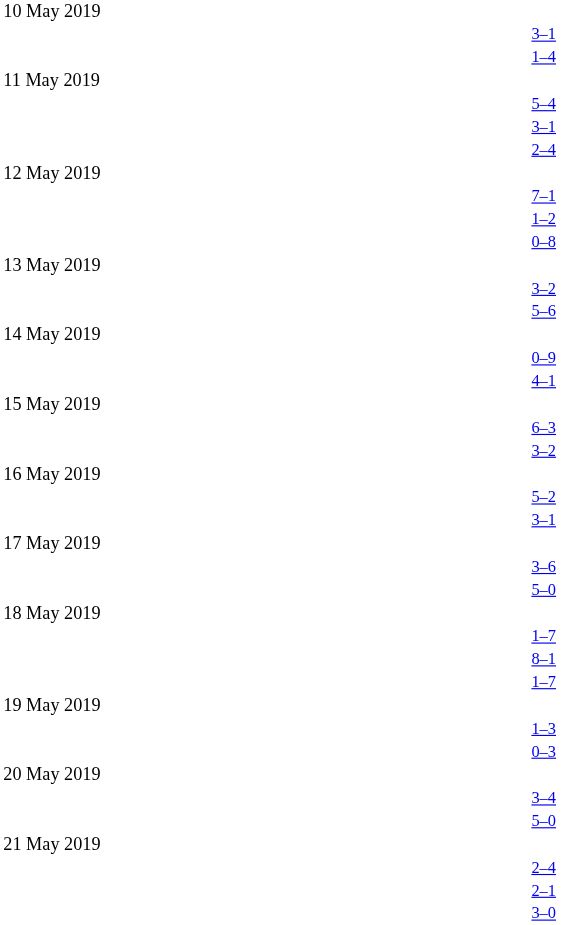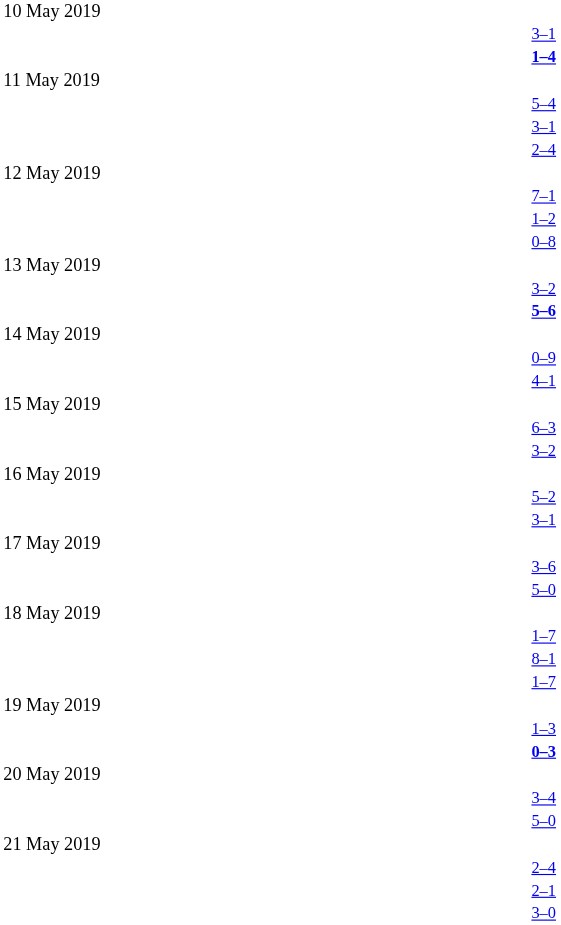 <table style="width:100%;" cellspacing="1">
 <tr>
 <th width=25%></th>
 <th width=2%></th>
 <th width=6%></th>
 <th width=2%></th>
 <th width=25%></th>
 </tr>
 <tr>
 <td>10 May 2019</td>
 </tr>
 <tr style=font-size:90%>
 <td align=right></td>
 <td></td>
 <td align=center><a href='#'>3–1</a></td>
 <td></td>
 <td></td>
 <td></td>
 </tr>
 <tr style=font-size:90%>
 <td align=right></td>
 <td></td>
-<td align=center><a href='#'>1–4</a></td>
+<td align=center><strong><a href='#'>1–4</a></strong></td>
 <td></td>
 <td></td>
 <td></td>
 </tr>
 <tr>
 <td>11 May 2019</td>
 </tr>
 <tr style=font-size:90%>
 <td align=right></td>
 <td></td>
 <td align=center><a href='#'>5–4<br></a></td>
 <td></td>
 <td></td>
 <td></td>
 </tr>
 <tr style=font-size:90%>
 <td align=right></td>
 <td></td>
 <td align=center><a href='#'>3–1</a></td>
 <td></td>
 <td></td>
 <td></td>
 </tr>
 <tr style=font-size:90%>
 <td align=right></td>
 <td></td>
 <td align=center><a href='#'>2–4</a></td>
 <td></td>
 <td></td>
 <td></td>
 </tr>
 <tr>
 <td>12 May 2019</td>
 </tr>
 <tr style=font-size:90%>
 <td align=right></td>
 <td></td>
 <td align=center><a href='#'>7–1</a></td>
 <td></td>
 <td></td>
 <td></td>
 </tr>
 <tr style=font-size:90%>
 <td align=right></td>
 <td></td>
 <td align=center><a href='#'>1–2</a></td>
 <td></td>
 <td></td>
 <td></td>
 </tr>
 <tr style=font-size:90%>
 <td align=right></td>
 <td></td>
 <td align=center><a href='#'>0–8</a></td>
 <td></td>
 <td></td>
 <td></td>
 </tr>
 <tr>
 <td>13 May 2019</td>
 </tr>
 <tr style=font-size:90%>
 <td align=right></td>
 <td></td>
 <td align=center><a href='#'>3–2<br></a></td>
 <td></td>
 <td></td>
 <td></td>
 </tr>
 <tr style=font-size:90%>
 <td align=right></td>
 <td></td>
-<td align=center><a href='#'>5–6</a></td>
+<td align=center><strong><a href='#'>5–6</a></strong></td>
 <td></td>
 <td></td>
 <td></td>
 </tr>
 <tr>
 <td>14 May 2019</td>
 </tr>
 <tr style=font-size:90%>
 <td align=right></td>
 <td></td>
 <td align=center><a href='#'>0–9</a></td>
 <td></td>
 <td></td>
 <td></td>
 </tr>
 <tr style=font-size:90%>
 <td align=right></td>
 <td></td>
 <td align=center><a href='#'>4–1</a></td>
 <td></td>
 <td></td>
 <td></td>
 </tr>
 <tr>
 <td>15 May 2019</td>
 </tr>
 <tr style=font-size:90%>
 <td align=right></td>
 <td></td>
 <td align=center><a href='#'>6–3</a></td>
 <td></td>
 <td></td>
 <td></td>
 </tr>
 <tr style=font-size:90%>
 <td align=right></td>
 <td></td>
 <td align=center><a href='#'>3–2</a></td>
 <td></td>
 <td></td>
 <td></td>
 </tr>
 <tr>
 <td>16 May 2019</td>
 </tr>
 <tr style=font-size:90%>
 <td align=right></td>
 <td></td>
 <td align=center><a href='#'>5–2</a></td>
 <td></td>
 <td></td>
 <td></td>
 </tr>
 <tr style=font-size:90%>
 <td align=right></td>
 <td></td>
 <td align=center><a href='#'>3–1</a></td>
 <td></td>
 <td></td>
 <td></td>
 </tr>
 <tr>
 <td>17 May 2019</td>
 </tr>
 <tr style=font-size:90%>
 <td align=right></td>
 <td></td>
 <td align=center><a href='#'>3–6</a></td>
 <td></td>
 <td></td>
 <td></td>
 </tr>
 <tr style=font-size:90%>
 <td align=right></td>
 <td></td>
 <td align=center><a href='#'>5–0</a></td>
 <td></td>
 <td></td>
 <td></td>
 </tr>
 <tr>
 <td>18 May 2019</td>
 </tr>
 <tr style=font-size:90%>
 <td align=right></td>
 <td></td>
 <td align=center><a href='#'>1–7</a></td>
 <td></td>
 <td></td>
 <td></td>
 </tr>
 <tr style=font-size:90%>
 <td align=right></td>
 <td></td>
 <td align=center><a href='#'>8–1</a></td>
 <td></td>
 <td></td>
 <td></td>
 </tr>
 <tr style=font-size:90%>
 <td align=right></td>
 <td></td>
 <td align=center><a href='#'>1–7</a></td>
 <td></td>
 <td></td>
 <td></td>
 </tr>
 <tr>
 <td>19 May 2019</td>
 </tr>
 <tr style=font-size:90%>
 <td align=right></td>
 <td></td>
 <td align=center><a href='#'>1–3</a></td>
 <td></td>
 <td></td>
 <td></td>
 </tr>
 <tr style=font-size:90%>
 <td align=right></td>
 <td></td>
-<td align=center><a href='#'>0–3</a></td>
+<td align=center><strong><a href='#'>0–3</a></strong></td>
 <td></td>
 <td></td>
 <td></td>
 </tr>
 <tr>
 <td>20 May 2019</td>
 </tr>
 <tr style=font-size:90%>
 <td align=right></td>
 <td></td>
 <td align=center><a href='#'>3–4<br></a></td>
 <td></td>
 <td></td>
 <td></td>
 </tr>
 <tr style=font-size:90%>
 <td align=right></td>
 <td></td>
 <td align=center><a href='#'>5–0</a></td>
 <td></td>
 <td></td>
 <td></td>
 </tr>
 <tr>
 <td>21 May 2019</td>
 </tr>
 <tr style=font-size:90%>
 <td align=right></td>
 <td></td>
 <td align=center><a href='#'>2–4</a></td>
 <td></td>
 <td></td>
 <td></td>
 </tr>
 <tr style=font-size:90%>
 <td align=right></td>
 <td></td>
 <td align=center><a href='#'>2–1<br></a></td>
 <td></td>
 <td></td>
 <td></td>
 </tr>
 <tr style=font-size:90%>
 <td align=right></td>
 <td></td>
 <td align=center><a href='#'>3–0</a></td>
 <td></td>
 <td></td>
 <td></td>
 </tr>
 </table>
